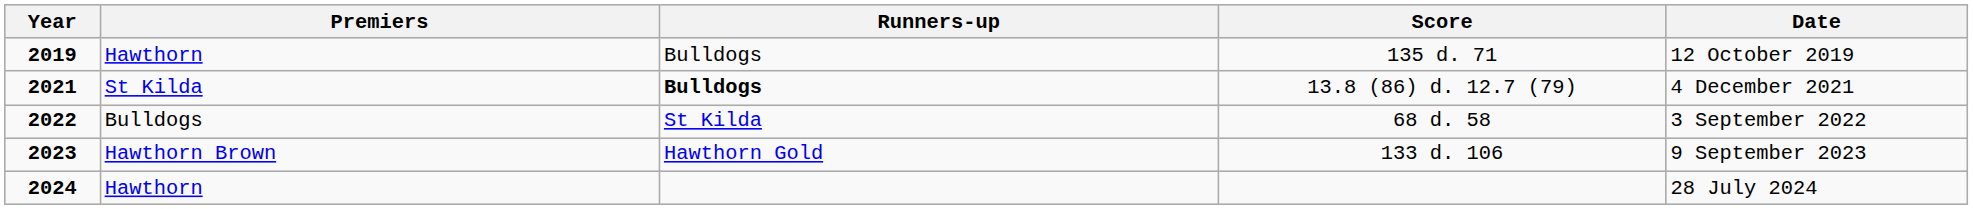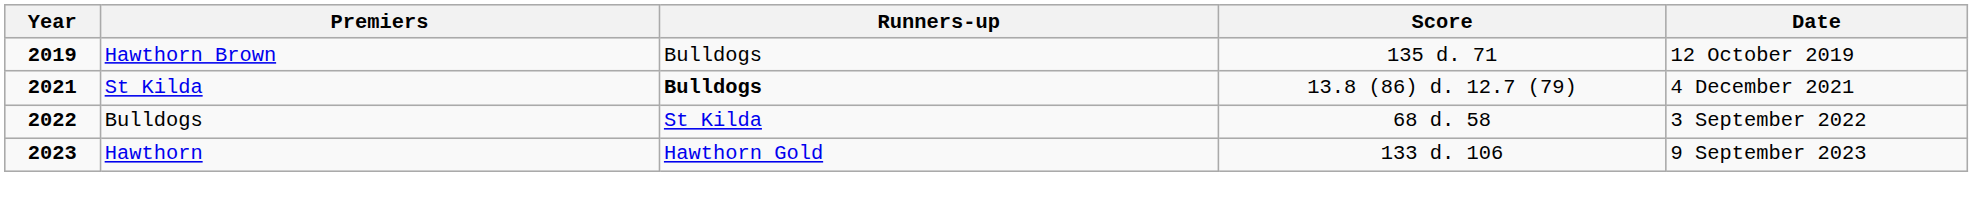 <table class="wikitable sortable" style="text-align:center; text-valign:center">
 <tr>
 <th width=1%>Year</th>
 <th width=10%>Premiers</th>
 <th width=10%>Runners-up</th>
 <th width=8%>Score</th>
 <th width=5%>Date</th>
 </tr>
 <tr>
 <td><strong>2019</strong></td>
-<td align=left><a href='#'>Hawthorn</a></td>
+<td align=left><a href='#'>Hawthorn Brown</a></td>
 <td align=left>Bulldogs</td>
 <td>135 d. 71</td>
 <td align=left>12 October 2019</td>
 </tr>
 <tr>
 <td><strong>2021</strong></td>
 <td align=left><a href='#'>St Kilda</a></td>
 <td align=left><strong>Bulldogs</strong></td>
 <td>13.8 (86) d. 12.7 (79)</td>
 <td align=left>4 December 2021</td>
 </tr>
 <tr>
 <td><strong>2022</strong></td>
 <td align=left>Bulldogs</td>
 <td align=left><a href='#'>St Kilda</a></td>
 <td>68 d. 58</td>
 <td align=left>3 September 2022</td>
 </tr>
 <tr>
 <td><strong>2023</strong></td>
-<td align=left><a href='#'>Hawthorn Brown</a></td>
+<td align=left><a href='#'>Hawthorn</a></td>
 <td align=left><a href='#'>Hawthorn Gold</a></td>
 <td>133 d. 106</td>
 <td align=left>9 September 2023</td>
 </tr>
-<tr>
-<td><strong>2024</strong></td>
-<td align=left><a href='#'>Hawthorn</a></td>
-<td align=left></td>
-<td></td>
-<td align=left>28 July 2024</td>
-</tr>
 </table>
